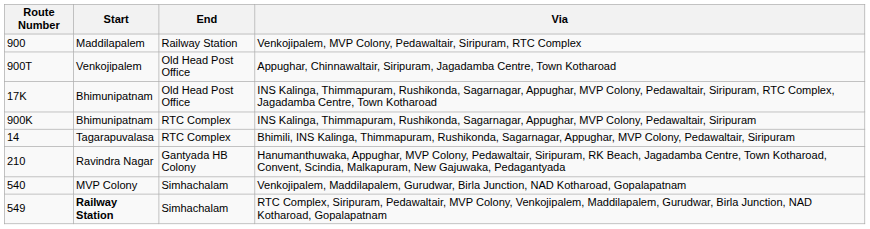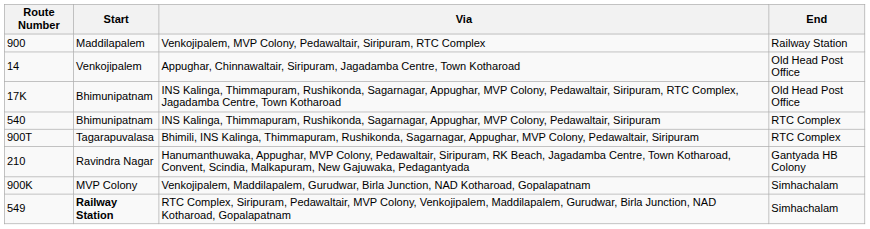 <table class="sortable wikitable">
 <tr>
 <th>Route Number</th>
 <th>Start</th>
+<th>Via</th>
 <th>End</th>
-<th>Via</th>
 </tr>
 <tr>
 <td>900</td>
 <td>Maddilapalem</td>
+<td>Venkojipalem, MVP Colony, Pedawaltair, Siripuram, RTC Complex</td>
 <td>Railway Station</td>
-<td>Venkojipalem, MVP Colony, Pedawaltair, Siripuram, RTC Complex</td>
 </tr>
 <tr>
-<td>900T</td>
+<td>14</td>
 <td>Venkojipalem</td>
+<td>Appughar, Chinnawaltair, Siripuram, Jagadamba Centre, Town Kotharoad</td>
 <td>Old Head Post Office</td>
-<td>Appughar, Chinnawaltair, Siripuram, Jagadamba Centre, Town Kotharoad</td>
 </tr>
 <tr>
 <td>17K</td>
 <td>Bhimunipatnam</td>
+<td>INS Kalinga, Thimmapuram, Rushikonda, Sagarnagar, Appughar, MVP Colony, Pedawaltair, Siripuram, RTC Complex, Jagadamba Centre, Town Kotharoad</td>
 <td>Old Head Post Office</td>
-<td>INS Kalinga, Thimmapuram, Rushikonda, Sagarnagar, Appughar, MVP Colony, Pedawaltair, Siripuram, RTC Complex, Jagadamba Centre, Town Kotharoad</td>
 </tr>
 <tr>
-<td>900K</td>
+<td>540</td>
 <td>Bhimunipatnam</td>
+<td>INS Kalinga, Thimmapuram, Rushikonda, Sagarnagar, Appughar, MVP Colony, Pedawaltair, Siripuram</td>
 <td>RTC Complex</td>
-<td>INS Kalinga, Thimmapuram, Rushikonda, Sagarnagar, Appughar, MVP Colony, Pedawaltair, Siripuram</td>
 </tr>
 <tr>
-<td>14</td>
+<td>900T</td>
 <td>Tagarapuvalasa</td>
+<td>Bhimili, INS Kalinga, Thimmapuram, Rushikonda, Sagarnagar, Appughar, MVP Colony, Pedawaltair, Siripuram</td>
 <td>RTC Complex</td>
-<td>Bhimili, INS Kalinga, Thimmapuram, Rushikonda, Sagarnagar, Appughar, MVP Colony, Pedawaltair, Siripuram</td>
 </tr>
 <tr>
 <td>210</td>
 <td>Ravindra Nagar</td>
+<td>Hanumanthuwaka, Appughar, MVP Colony, Pedawaltair, Siripuram, RK Beach, Jagadamba Centre, Town Kotharoad, Convent, Scindia, Malkapuram, New Gajuwaka, Pedagantyada</td>
 <td>Gantyada HB Colony</td>
-<td>Hanumanthuwaka, Appughar, MVP Colony, Pedawaltair, Siripuram, RK Beach, Jagadamba Centre, Town Kotharoad, Convent, Scindia, Malkapuram, New Gajuwaka, Pedagantyada</td>
 </tr>
 <tr>
-<td>540</td>
+<td>900K</td>
 <td>MVP Colony</td>
+<td>Venkojipalem, Maddilapalem, Gurudwar, Birla Junction, NAD Kotharoad, Gopalapatnam</td>
 <td>Simhachalam</td>
-<td>Venkojipalem, Maddilapalem, Gurudwar, Birla Junction, NAD Kotharoad, Gopalapatnam</td>
 </tr>
 <tr>
 <td>549</td>
 <td><strong>Railway Station</strong></td>
+<td>RTC Complex, Siripuram, Pedawaltair, MVP Colony, Venkojipalem, Maddilapalem, Gurudwar, Birla Junction, NAD Kotharoad, Gopalapatnam</td>
 <td>Simhachalam</td>
-<td>RTC Complex, Siripuram, Pedawaltair, MVP Colony, Venkojipalem, Maddilapalem, Gurudwar, Birla Junction, NAD Kotharoad, Gopalapatnam</td>
 </tr>
 </table>
